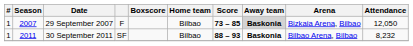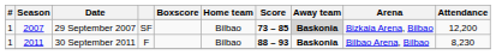 <table class="wikitable" style="text-align: center; width=25%; font-size: 11px">
 <tr>
 <th>#</th>
 <th>Season</th>
 <th>Date</th>
 <th></th>
 <th>Boxscore</th>
 <th>Home team</th>
 <th>Score</th>
 <th>Away team</th>
 <th>Arena</th>
 <th>Attendance</th>
 </tr>
 <tr>
 <td>1</td>
 <td><a href='#'>2007</a></td>
 <td>29 September 2007</td>
-<td>F</td>
+<td>SF</td>
 <td></td>
 <td>Bilbao</td>
 <td><strong>73 – 85</strong></td>
 <td style="background: lightgrey;"><strong>Baskonia</strong></td>
 <td align=left><a href='#'>Bizkaia Arena</a>, <a href='#'>Bilbao</a></td>
-<td>12,050</td>
+<td>12,200</td>
 </tr>
 <tr>
 <td>1</td>
 <td><a href='#'>2011</a></td>
 <td>30 September 2011</td>
-<td>SF</td>
+<td>F</td>
 <td></td>
 <td>Bilbao</td>
 <td><strong>88 – 93</strong></td>
 <td><strong>Baskonia</strong></td>
 <td align=left><a href='#'>Bilbao Arena</a>, <a href='#'>Bilbao</a></td>
-<td>8,232</td>
+<td>8,230</td>
 </tr>
 <tr>
 </tr>
 </table>
